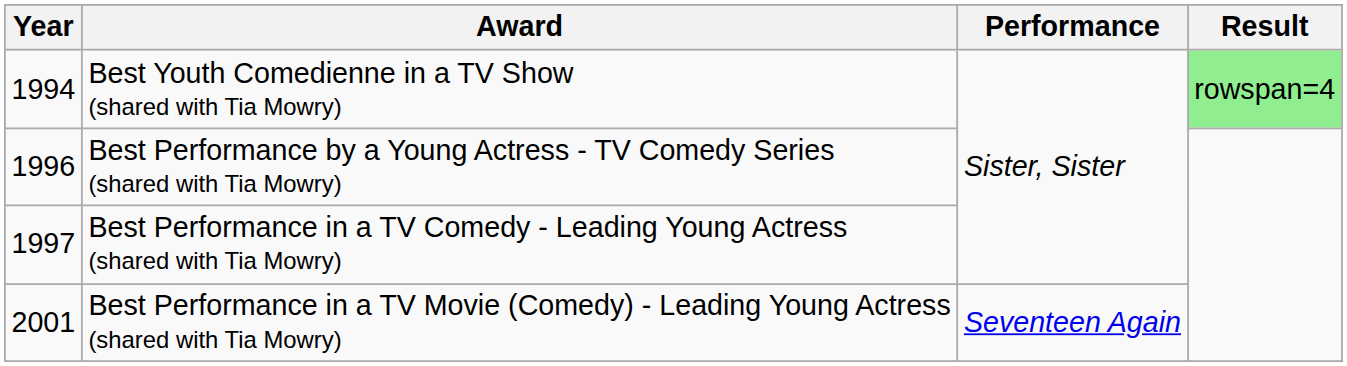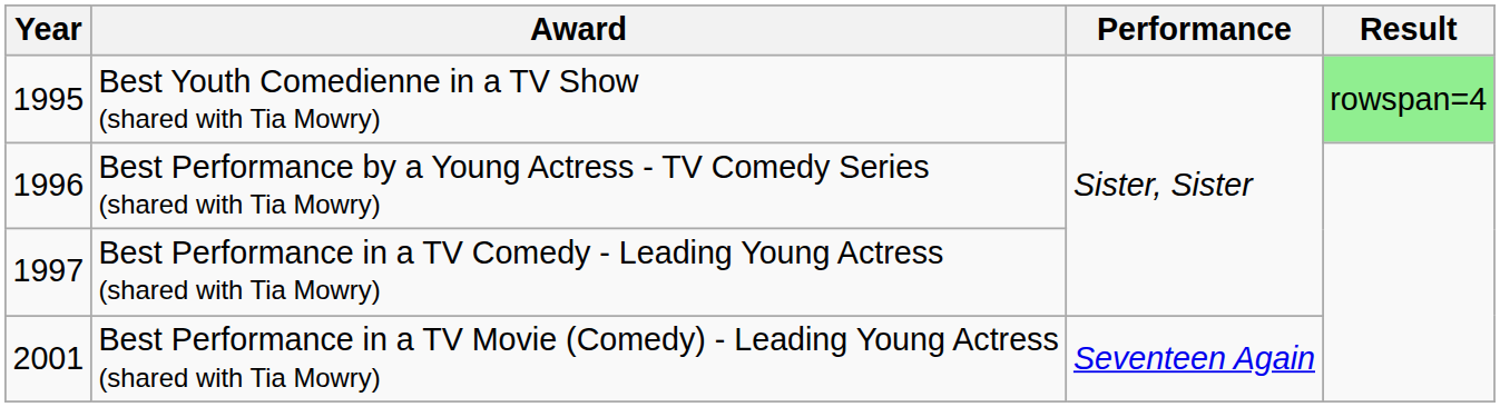 <table class="wikitable">
 <tr>
 <th>Year</th>
 <th>Award</th>
 <th>Performance</th>
 <th>Result</th>
 </tr>
 <tr>
-<td>1994</td>
+<td>1995</td>
 <td>Best Youth Comedienne in a TV Show<br><small>(shared with Tia Mowry)</small></td>
 <td rowspan=3><em>Sister, Sister</em></td>
 <td style="background: lightgreen;">rowspan=4 </td>
 </tr>
 <tr>
 <td>1996</td>
 <td>Best Performance by a Young Actress - TV Comedy Series<br><small>(shared with Tia Mowry)</small></td>
 </tr>
 <tr>
 <td>1997</td>
 <td>Best Performance in a TV Comedy - Leading Young Actress<br><small>(shared with Tia Mowry)</small></td>
 </tr>
 <tr>
 <td>2001</td>
 <td>Best Performance in a TV Movie (Comedy) - Leading Young Actress<br><small>(shared with Tia Mowry)</small></td>
 <td><em><a href='#'>Seventeen Again</a></em></td>
 </tr>
 </table>
